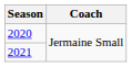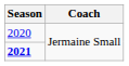 <table class="wikitable">
 <tr>
 <th>Season</th>
 <th>Coach</th>
 </tr>
 <tr>
 <td><a href='#'>2020</a></td>
 <td rowspan="2">Jermaine Small</td>
 </tr>
 <tr>
-<td><a href='#'>2021</a></td>
+<td><strong><a href='#'>2021</a></strong></td>
 </tr>
 </table>
